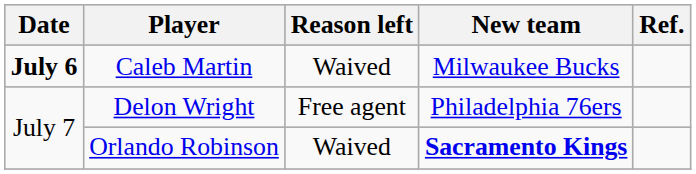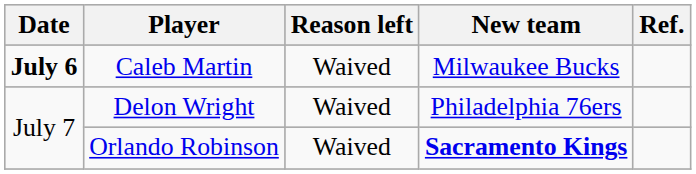 <table class="wikitable sortable sortable" style="text-align: center">
 <tr>
 <th>Date</th>
 <th>Player</th>
 <th>Reason left</th>
 <th>New team</th>
 <th>Ref.</th>
 </tr>
 <tr>
 <td><strong>July 6</strong></td>
 <td><a href='#'>Caleb Martin</a></td>
 <td>Waived</td>
 <td><a href='#'>Milwaukee Bucks</a></td>
 <td></td>
 </tr>
 <tr>
 <td rowspan=2>July 7</td>
 <td><a href='#'>Delon Wright</a></td>
-<td>Free agent</td>
+<td>Waived</td>
 <td><a href='#'>Philadelphia 76ers</a></td>
 <td></td>
 </tr>
 <tr>
 <td><a href='#'>Orlando Robinson</a></td>
 <td>Waived</td>
 <td><strong><a href='#'>Sacramento Kings</a></strong></td>
 <td></td>
 </tr>
 </table>
